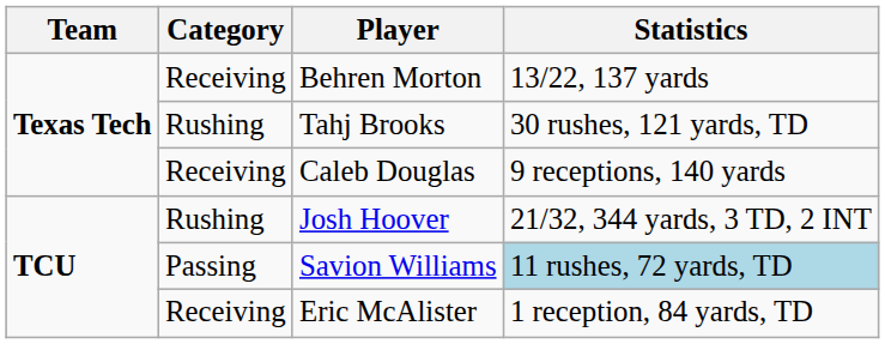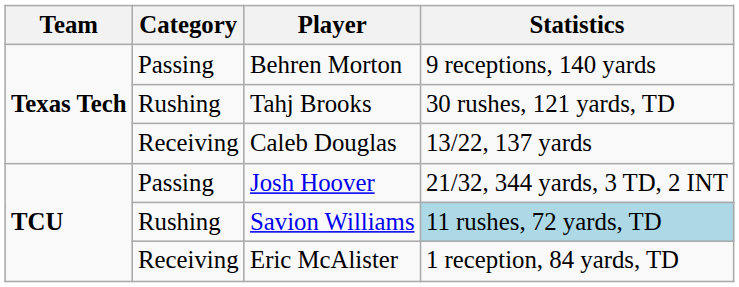 <table class="wikitable" style="float: right;">
 <tr>
 <th>Team</th>
 <th>Category</th>
 <th>Player</th>
 <th>Statistics</th>
 </tr>
 <tr>
 <td rowspan=3><strong>Texas Tech</strong></td>
-<td>Receiving</td>
+<td>Passing</td>
 <td>Behren Morton</td>
-<td>13/22, 137 yards</td>
+<td>9 receptions, 140 yards</td>
 </tr>
 <tr>
 <td>Rushing</td>
 <td>Tahj Brooks</td>
 <td>30 rushes, 121 yards, TD</td>
 </tr>
 <tr>
 <td>Receiving</td>
 <td>Caleb Douglas</td>
-<td>9 receptions, 140 yards</td>
+<td>13/22, 137 yards</td>
 </tr>
 <tr>
 <td rowspan=3><strong>TCU</strong></td>
-<td>Rushing</td>
+<td>Passing</td>
 <td><a href='#'>Josh Hoover</a></td>
 <td>21/32, 344 yards, 3 TD, 2 INT</td>
 </tr>
 <tr>
-<td>Passing</td>
+<td>Rushing</td>
 <td><a href='#'>Savion Williams</a></td>
 <td style="background: lightblue;">11 rushes, 72 yards, TD</td>
 </tr>
 <tr>
 <td>Receiving</td>
 <td>Eric McAlister</td>
 <td>1 reception, 84 yards, TD</td>
 </tr>
 </table>
